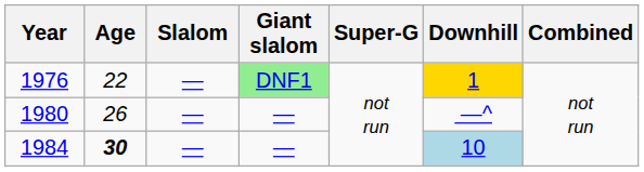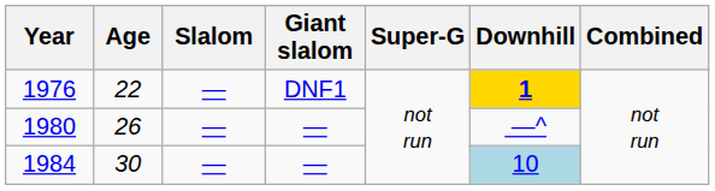 <table class=wikitable style="text-align:center">
 <tr>
 <th>  Year  </th>
 <th> Age </th>
 <th> Slalom </th>
 <th>Giant<br> slalom </th>
 <th>Super-G</th>
 <th>Downhill</th>
 <th>Combined</th>
 </tr>
 <tr>
 <td><a href='#'>1976</a></td>
 <td><em>22</em></td>
 <td><a href='#'>—</a></td>
-<td style="background: lightgreen;"><a href='#'>DNF1</a></td>
+<td><a href='#'>DNF1</a></td>
 <td rowspan=3><small><em>not<br>run</em></small></td>
-<td style="background:gold;"><a href='#'>1</a></td>
+<td style="background:gold;"><strong><a href='#'>1</a></strong></td>
 <td rowspan=3><small><em>not<br>run</em></small></td>
 </tr>
 <tr>
 <td><a href='#'>1980</a></td>
 <td><em>26</em></td>
 <td><a href='#'>—</a></td>
 <td><a href='#'>—</a></td>
 <td><a href='#'> —^</a></td>
 </tr>
 <tr>
 <td><a href='#'>1984</a></td>
-<td><strong><em>30</em></strong></td>
+<td><em>30</em></td>
 <td><a href='#'>—</a></td>
 <td><a href='#'>—</a></td>
 <td style="background: lightblue;"><a href='#'>10</a></td>
 </tr>
 </table>
